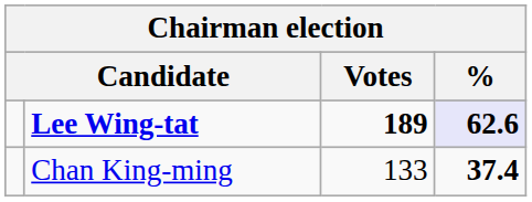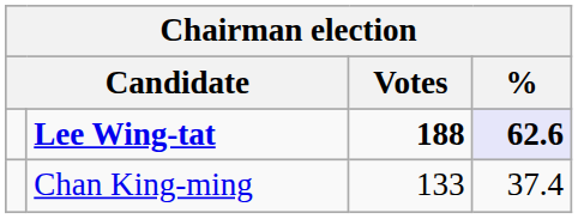 <table class="wikitable" style="text-align:right; width:280px">
 <tr>
 <th colspan=4>Chairman election </th>
 </tr>
 <tr>
 <th colspan=2>Candidate</th>
 <th>Votes</th>
 <th>%</th>
 </tr>
 <tr>
 <td></td>
 <td align=left><strong><a href='#'>Lee Wing-tat</a></strong></td>
-<td><strong>189</strong></td>
+<td><strong>188</strong></td>
 <td style="background: lavender;"><strong>62.6</strong></td>
 </tr>
 <tr>
 <td></td>
 <td align=left><a href='#'>Chan King-ming</a></td>
 <td>133</td>
-<td><strong>37.4</strong></td>
+<td>37.4</td>
 </tr>
 </table>
